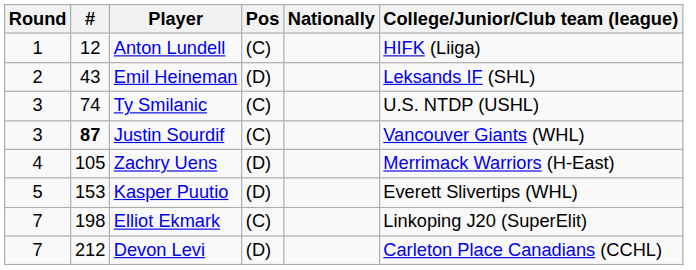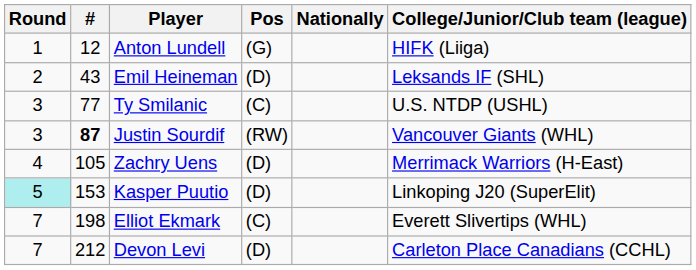 <table class="wikitable">
 <tr>
 <th>Round</th>
 <th>#</th>
 <th>Player</th>
 <th>Pos</th>
 <th>Nationally</th>
 <th>College/Junior/Club team (league)</th>
 </tr>
 <tr>
 <td style="text-align:center;">1</td>
 <td style="text-align:center;">12</td>
 <td><a href='#'>Anton Lundell</a></td>
-<td>(C)</td>
+<td>(G)</td>
 <td></td>
 <td><a href='#'>HIFK</a> (Liiga)</td>
 </tr>
 <tr>
 <td style="text-align:center;">2</td>
 <td style="text-align:center;">43</td>
 <td><a href='#'>Emil Heineman</a></td>
 <td>(D)</td>
 <td></td>
 <td><a href='#'>Leksands IF</a> (SHL)</td>
 </tr>
 <tr>
 <td style="text-align:center;">3</td>
-<td style="text-align:center;">74</td>
+<td style="text-align:center;">77</td>
 <td><a href='#'>Ty Smilanic</a></td>
 <td>(C)</td>
 <td></td>
 <td>U.S. NTDP (USHL)</td>
 </tr>
 <tr>
 <td style="text-align:center;">3</td>
 <td style="text-align:center;"><strong>87</strong></td>
 <td><a href='#'>Justin Sourdif</a></td>
-<td>(C)</td>
+<td>(RW)</td>
 <td></td>
 <td><a href='#'>Vancouver Giants</a> (WHL)</td>
 </tr>
 <tr>
 <td style="text-align:center;">4</td>
 <td style="text-align:center;">105</td>
 <td><a href='#'>Zachry Uens</a></td>
 <td>(D)</td>
 <td></td>
 <td><a href='#'>Merrimack Warriors</a> (H-East)</td>
 </tr>
 <tr>
-<td style="text-align:center;">5</td>
+<td style="background: paleturquoise; text-align:center;">5</td>
 <td style="text-align:center;">153</td>
 <td><a href='#'>Kasper Puutio</a></td>
 <td>(D)</td>
 <td></td>
-<td>Everett Slivertips (WHL)</td>
+<td>Linkoping J20 (SuperElit)</td>
 </tr>
 <tr>
 <td style="text-align:center;">7</td>
 <td style="text-align:center;">198</td>
 <td><a href='#'>Elliot Ekmark</a></td>
 <td>(C)</td>
 <td></td>
-<td>Linkoping J20 (SuperElit)</td>
+<td>Everett Slivertips (WHL)</td>
 </tr>
 <tr>
 <td style="text-align:center;">7</td>
 <td style="text-align:center;">212</td>
 <td><a href='#'>Devon Levi</a></td>
 <td>(D)</td>
 <td></td>
 <td><a href='#'>Carleton Place Canadians</a> (CCHL)</td>
 </tr>
 </table>
